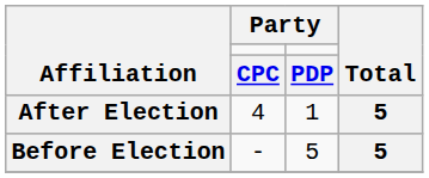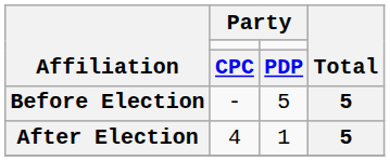 <table class=wikitable style="text-align:center">
 <tr style="vertical-align:bottom;">
 <th rowspan=3>Affiliation</th>
 <th colspan=2>Party</th>
 <th rowspan=3>Total</th>
 </tr>
 <tr>
 <td style="background-color:"></td>
 <td style="background-color:"></td>
 </tr>
 <tr>
 <th><a href='#'>CPC</a></th>
 <th><a href='#'>PDP</a></th>
 </tr>
 <tr>
+<th>Before Election</th>
+<td>-</td>
+<td>5</td>
+<th>5</th>
+</tr>
+<tr>
 <th>After Election</th>
 <td>4</td>
 <td>1</td>
 <th>5</th>
 </tr>
 <tr>
-<th>Before Election</th>
-<td>-</td>
-<td>5</td>
-<th>5</th>
-</tr>
-<tr>
 </tr>
 </table>
